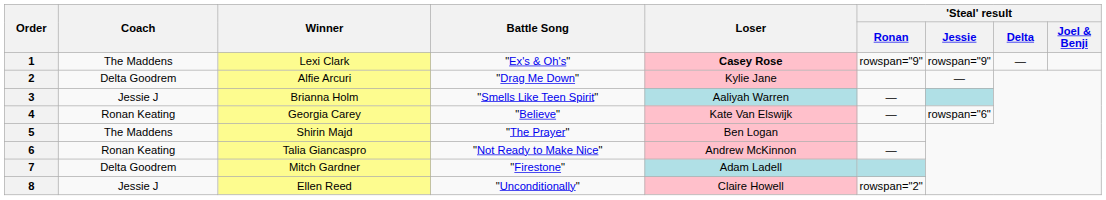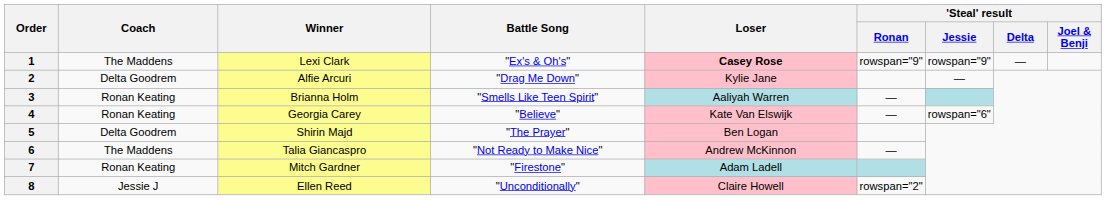 <table class="wikitable" style="text-align: center; width: auto;">
 <tr>
 <th rowspan="2" style="width:5%;">Order</th>
 <th rowspan="2" style="width:15%;">Coach</th>
 <th rowspan="2" style="width:20%;">Winner</th>
 <th rowspan="2" style="width:20%;">Battle Song</th>
 <th rowspan="2" style="width:20%;">Loser</th>
 <th colspan="4" style="width:20%;">'Steal' result</th>
 </tr>
 <tr>
 <th style="width:5%;"><a href='#'>Ronan</a></th>
 <th style="width:5%;"><a href='#'>Jessie</a></th>
 <th style="width:5%;"><a href='#'>Delta</a></th>
 <th style="width:5%;"><a href='#'>Joel & Benji</a></th>
 </tr>
 <tr>
 <th>1</th>
 <td>The Maddens</td>
 <td style="background:#fdfc8f">Lexi Clark</td>
 <td>"<a href='#'>Ex's & Oh's</a>"</td>
 <td style="background:pink"><strong>Casey Rose</strong></td>
 <td>rowspan="9" </td>
 <td>rowspan="9" </td>
 <td>—</td>
 <td></td>
 </tr>
 <tr>
 <th>2</th>
 <td>Delta Goodrem</td>
 <td style="background:#fdfc8f">Alfie Arcuri</td>
 <td>"<a href='#'>Drag Me Down</a>"</td>
 <td style="background:pink">Kylie Jane</td>
 <td></td>
 <td>—</td>
 </tr>
 <tr>
 <th>3</th>
-<td>Jessie J</td>
+<td>Ronan Keating</td>
 <td style="background:#fdfc8f">Brianna Holm</td>
 <td>"<a href='#'>Smells Like Teen Spirit</a>"</td>
 <td style="background:#B0E0E6">Aaliyah Warren</td>
 <td>—</td>
 <td style="background:#B0E0E6;"><strong></strong></td>
 </tr>
 <tr>
 <th>4</th>
 <td>Ronan Keating</td>
 <td style="background:#fdfc8f">Georgia Carey</td>
 <td>"<a href='#'>Believe</a>"</td>
 <td style="background:pink">Kate Van Elswijk</td>
 <td>—</td>
 <td>rowspan="6" </td>
 </tr>
 <tr>
 <th>5</th>
-<td>The Maddens</td>
+<td>Delta Goodrem</td>
 <td style="background:#fdfc8f">Shirin Majd</td>
 <td>"<a href='#'>The Prayer</a>"</td>
 <td style="background:pink">Ben Logan</td>
 <td></td>
 </tr>
 <tr>
 <th>6</th>
-<td>Ronan Keating</td>
+<td>The Maddens</td>
 <td style="background:#fdfc8f">Talia Giancaspro</td>
 <td>"<a href='#'>Not Ready to Make Nice</a>"</td>
 <td style="background:pink">Andrew McKinnon</td>
 <td>—</td>
 </tr>
 <tr>
 <th>7</th>
-<td>Delta Goodrem</td>
+<td>Ronan Keating</td>
 <td style="background:#fdfc8f">Mitch Gardner</td>
 <td>"<a href='#'>Firestone</a>"</td>
 <td style="background:#B0E0E6">Adam Ladell</td>
 <td style="background:#B0E0E6;"><strong></strong></td>
 </tr>
 <tr>
 <th>8</th>
 <td>Jessie J</td>
 <td style="background:#fdfc8f">Ellen Reed</td>
 <td>"<a href='#'>Unconditionally</a>"</td>
 <td style="background:pink">Claire Howell</td>
 <td>rowspan="2" </td>
 </tr>
 </table>
